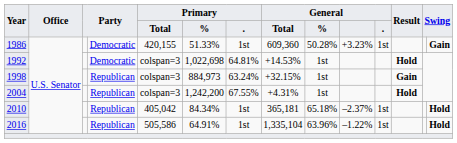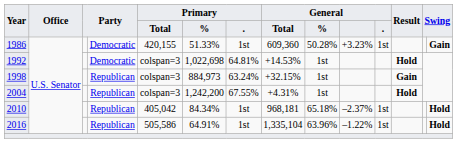 <table class="wikitable" style="font-size:90%; text-align:center;">
 <tr>
 <th style="background-color:#EAECF0;" rowspan=2>Year</th>
 <th style="background-color:#EAECF0;" rowspan=2>Office</th>
 <th style="background-color:#EAECF0;" colspan=2 rowspan=2>Party</th>
 <th style="background-color:#EAECF0;" colspan=3>Primary</th>
 <th style="background-color:#EAECF0;" colspan=4>General</th>
 <th style="background-color:#EAECF0;" rowspan=2>Result</th>
 <th style="background-color:#EAECF0;" colspan=2 rowspan=2><a href='#'>Swing</a></th>
 </tr>
 <tr>
 <th style="background-color:#EAECF0;">Total</th>
 <th style="background-color:#EAECF0;">%</th>
 <th style="background-color:#EAECF0;">.</th>
 <th style="background-color:#EAECF0;">Total</th>
 <th style="background-color:#EAECF0;">%</th>
 <th style="background-color:#EAECF0;"></th>
 <th style="background-color:#EAECF0;">.</th>
 </tr>
 <tr>
 <td style="background-color:#EAECF0;"><a href='#'>1986</a></td>
 <td rowspan=6><a href='#'>U.S. Senator</a></td>
 <td style="background-color:"></td>
 <td><a href='#'>Democratic</a></td>
 <td>420,155</td>
 <td>51.33%</td>
 <td>1st</td>
 <td>609,360</td>
 <td>50.28%</td>
 <td>+3.23%</td>
 <td>1st</td>
 <td></td>
 <td style="background-color:"></td>
 <td><strong>Gain</strong></td>
 </tr>
 <tr>
 <td style="background-color:#EAECF0;"><a href='#'>1992</a></td>
 <td style="background-color:"></td>
 <td><a href='#'>Democratic</a></td>
 <td>colspan=3 </td>
 <td>1,022,698</td>
 <td>64.81%</td>
 <td>+14.53%</td>
 <td>1st</td>
 <td></td>
 <td style="background-color:"></td>
 <td><strong>Hold</strong></td>
 </tr>
 <tr>
 <td style="background-color:#EAECF0;"><a href='#'>1998</a></td>
 <td style="background-color:"></td>
 <td><a href='#'>Republican</a></td>
 <td>colspan=3 </td>
 <td>884,973</td>
 <td>63.24%</td>
 <td>+32.15%</td>
 <td>1st</td>
 <td></td>
 <td style="background-color:"></td>
 <td><strong>Gain</strong></td>
 </tr>
 <tr>
 <td style="background-color:#EAECF0;"><a href='#'>2004</a></td>
 <td style="background-color:"></td>
 <td><a href='#'>Republican</a></td>
 <td>colspan=3 </td>
 <td>1,242,200</td>
 <td>67.55%</td>
 <td>+4.31%</td>
 <td>1st</td>
 <td></td>
 <td style="background-color:"></td>
 <td><strong>Hold</strong></td>
 </tr>
 <tr>
 <td style="background-color:#EAECF0;"><a href='#'>2010</a></td>
 <td style="background-color:"></td>
 <td><a href='#'>Republican</a></td>
 <td>405,042</td>
 <td>84.34%</td>
 <td>1st</td>
-<td>365,181</td>
+<td>968,181</td>
 <td>65.18%</td>
 <td>–2.37%</td>
 <td>1st</td>
 <td></td>
 <td style="background-color:"></td>
 <td><strong>Hold</strong></td>
 </tr>
 <tr>
 <td style="background-color:#EAECF0;"><a href='#'>2016</a></td>
 <td style="background-color:"></td>
 <td><a href='#'>Republican</a></td>
 <td>505,586</td>
 <td>64.91%</td>
 <td>1st</td>
 <td>1,335,104</td>
 <td>63.96%</td>
 <td>–1.22%</td>
 <td>1st</td>
 <td></td>
 <td style="background-color:"></td>
 <td><strong>Hold</strong></td>
 </tr>
 <tr>
 <td style="background-color:#EAECF0;" colspan=14></td>
 </tr>
 </table>
